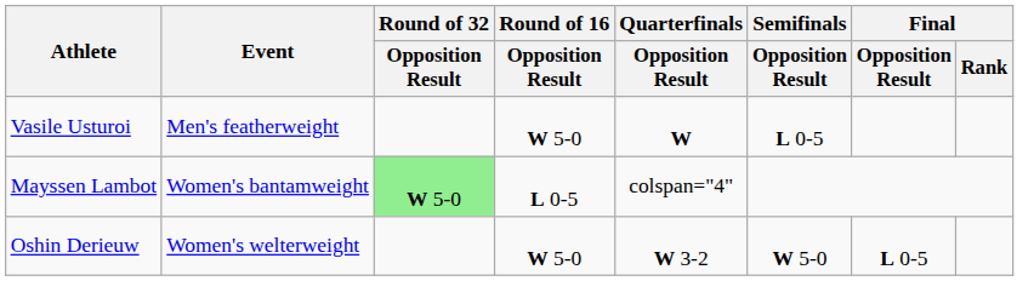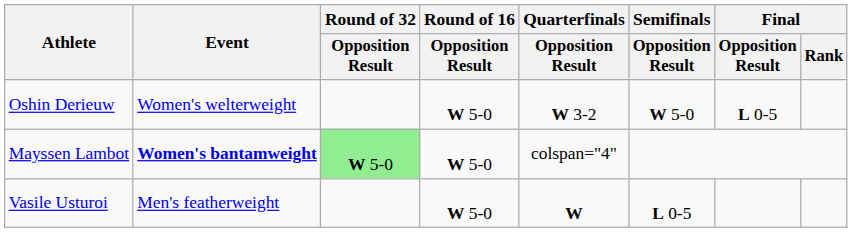 <table class="wikitable" style="font-size:90%; text-align:center">
 <tr>
 <th rowspan="2">Athlete</th>
 <th rowspan="2">Event</th>
 <th>Round of 32</th>
 <th>Round of 16</th>
 <th>Quarterfinals</th>
 <th>Semifinals</th>
 <th colspan="2">Final</th>
 </tr>
 <tr style="font-size:95%">
 <th>Opposition<br>Result</th>
 <th>Opposition<br>Result</th>
 <th>Opposition<br>Result</th>
 <th>Opposition<br>Result</th>
 <th>Opposition<br>Result</th>
 <th>Rank</th>
 </tr>
 <tr>
+<td align="left"><a href='#'>Oshin Derieuw</a></td>
+<td align="left"><a href='#'>Women's welterweight</a></td>
+<td></td>
+<td><br><strong>W</strong> 5-0</td>
+<td><br><strong>W</strong> 3-2</td>
+<td><br><strong>W</strong> 5-0</td>
+<td><br><strong>L</strong> 0-5</td>
+<td></td>
+</tr>
+<tr>
+<td align="left"><a href='#'>Mayssen Lambot</a></td>
+<td align="left"><strong><a href='#'>Women's bantamweight</a></strong></td>
+<td style="background: lightgreen;"><br><strong>W</strong> 5-0</td>
+<td><br><strong>W</strong> 5-0</td>
+<td>colspan="4" </td>
+</tr>
+<tr>
 <td align="left"><a href='#'>Vasile Usturoi</a></td>
 <td align="left"><a href='#'>Men's featherweight</a></td>
 <td></td>
 <td><br><strong>W</strong> 5-0</td>
 <td><br><strong>W</strong> </td>
 <td><br><strong>L</strong> 0-5</td>
 <td></td>
 <td></td>
 </tr>
-<tr>
-<td align="left"><a href='#'>Mayssen Lambot</a></td>
-<td align="left"><a href='#'>Women's bantamweight</a></td>
-<td style="background: lightgreen;"><br><strong>W</strong> 5-0</td>
-<td><br><strong>L</strong> 0-5</td>
-<td>colspan="4" </td>
-</tr>
-<tr>
-<td align="left"><a href='#'>Oshin Derieuw</a></td>
-<td align="left"><a href='#'>Women's welterweight</a></td>
-<td></td>
-<td><br><strong>W</strong> 5-0</td>
-<td><br><strong>W</strong> 3-2</td>
-<td><br><strong>W</strong> 5-0</td>
-<td><br><strong>L</strong> 0-5</td>
-<td></td>
-</tr>
 </table>
